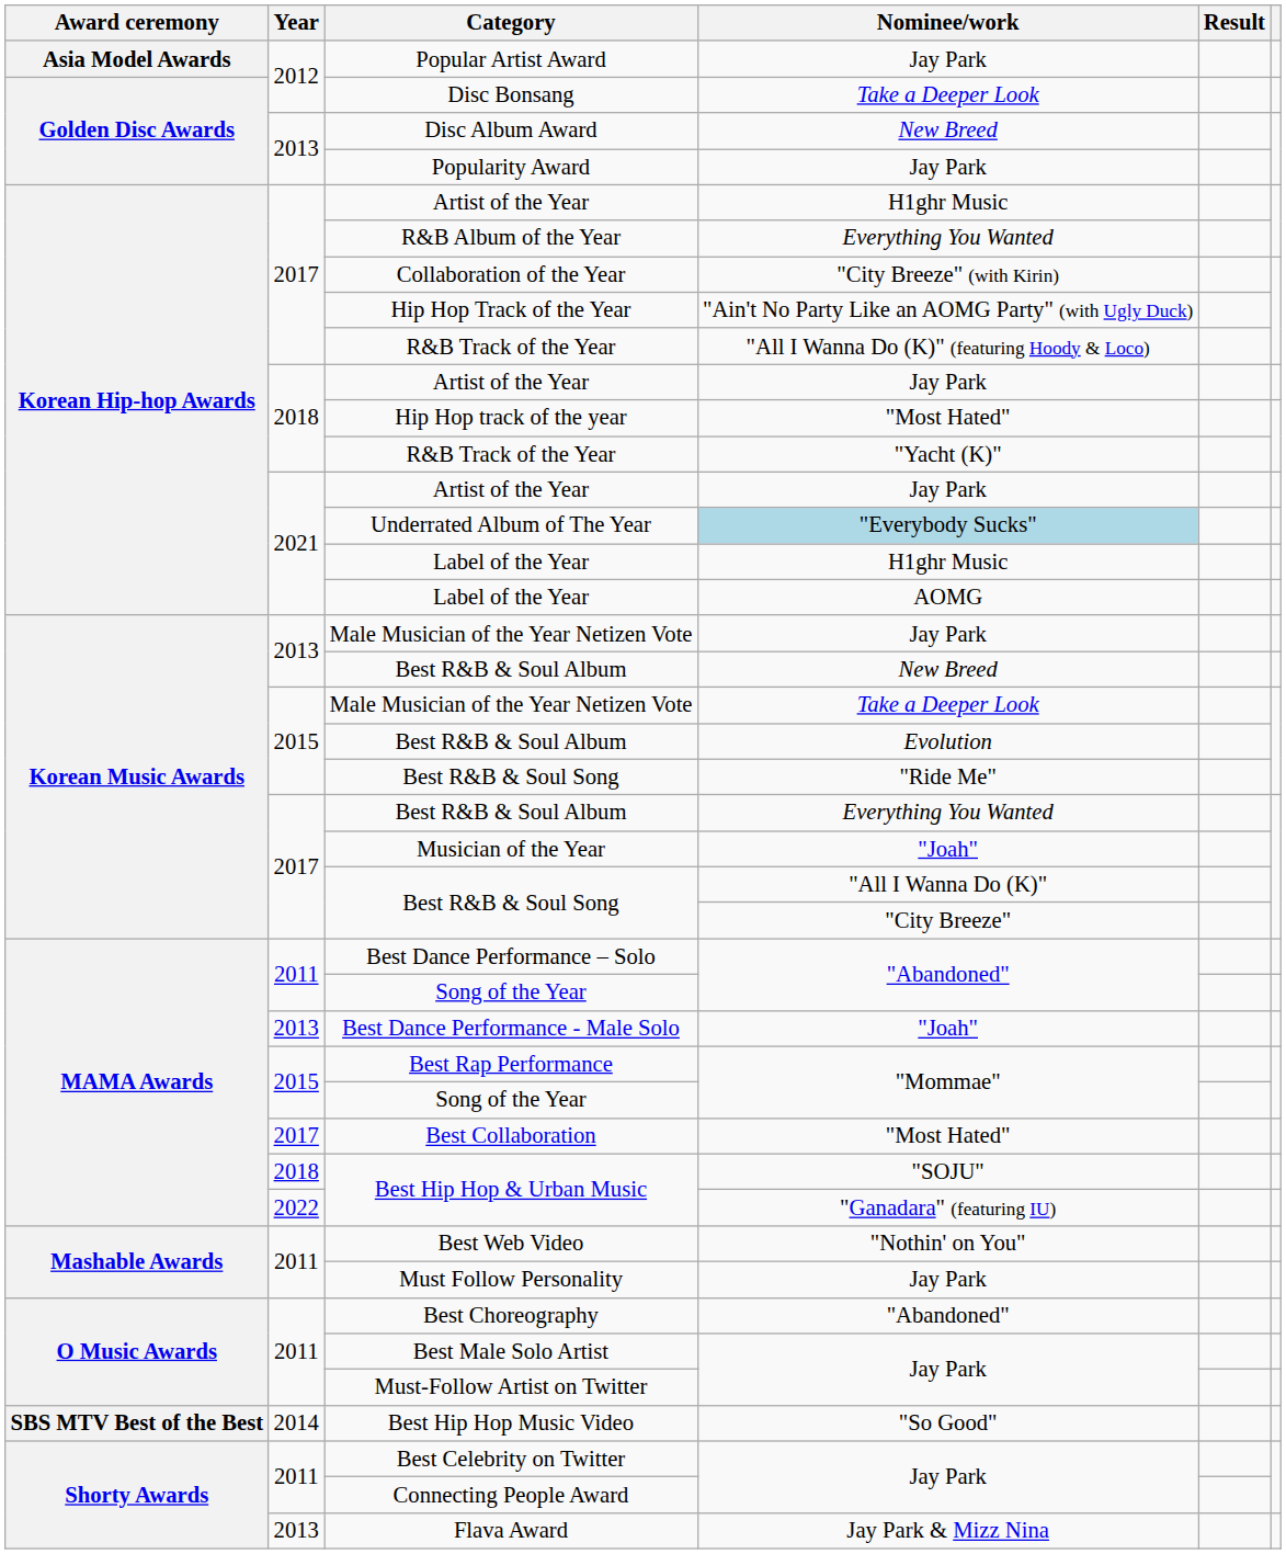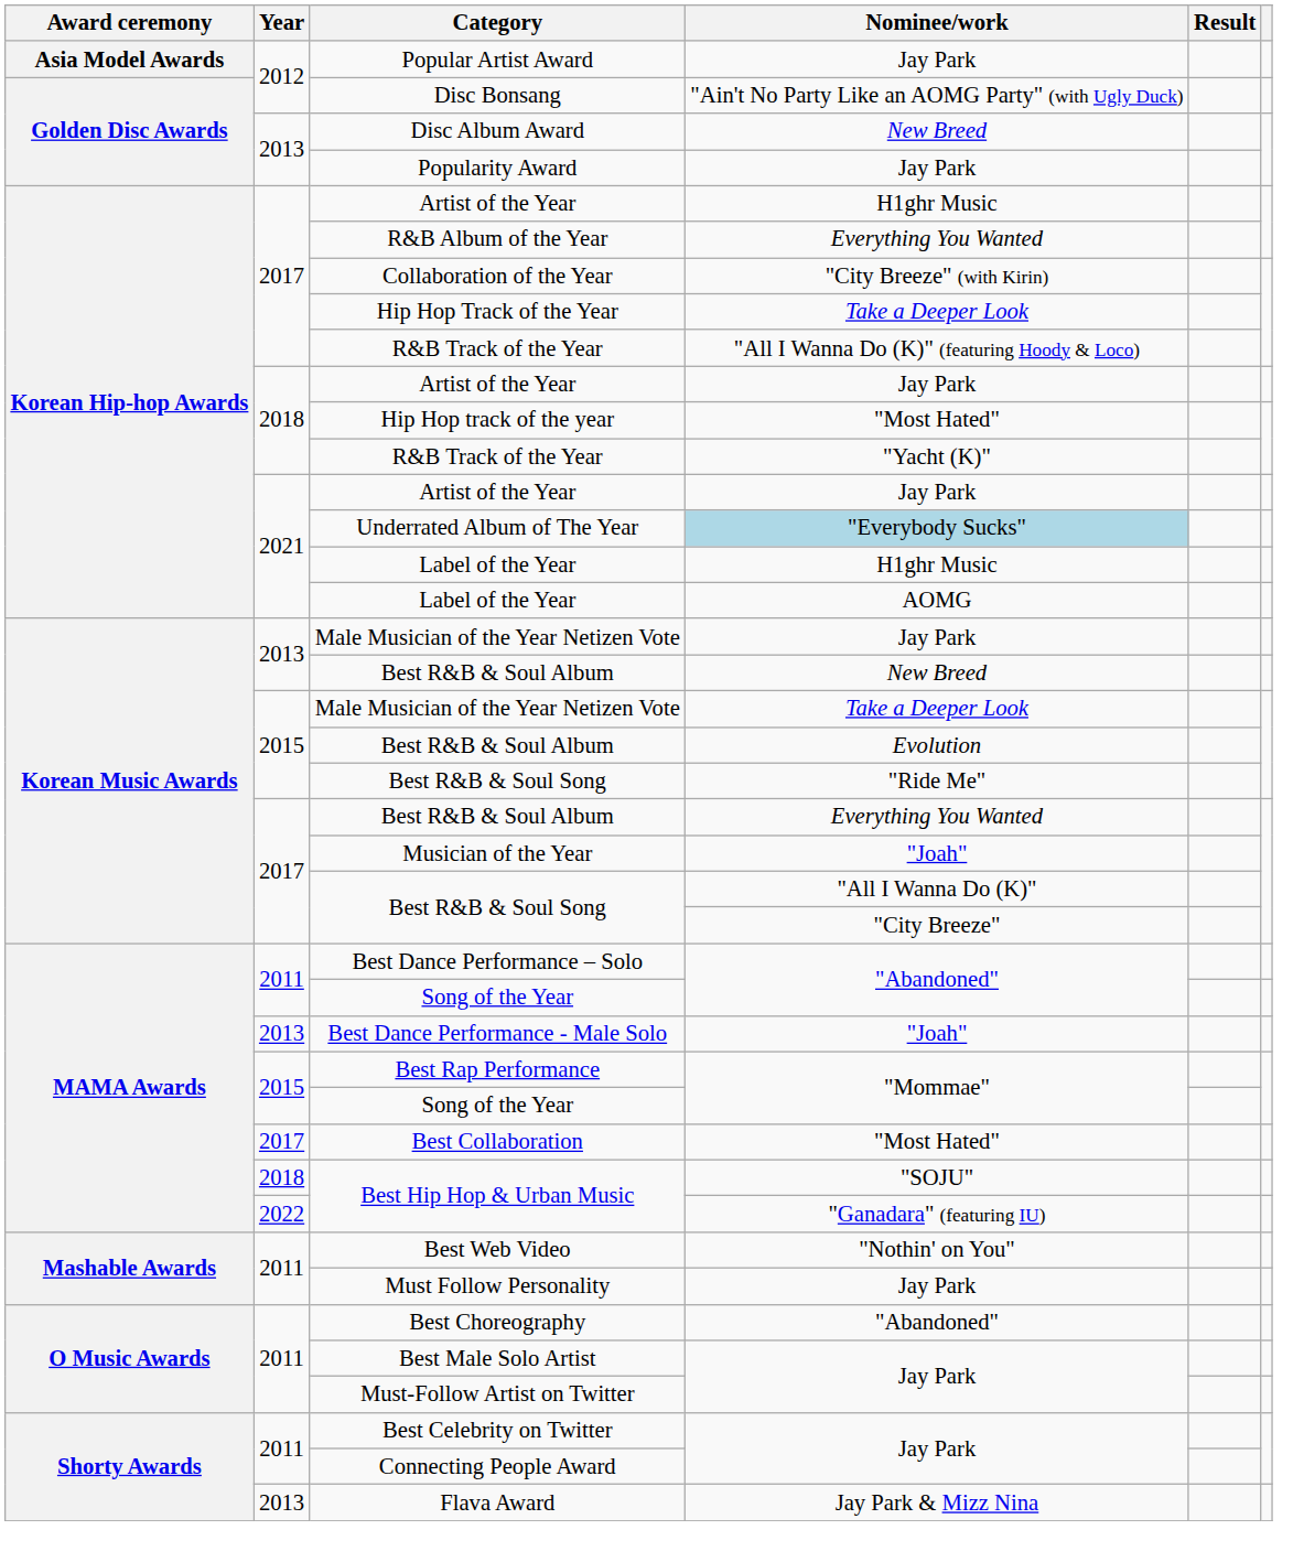 <table class="wikitable sortable plainrowheaders" style="text-align:center;">
 <tr>
 <th scope="col">Award ceremony</th>
 <th scope="col">Year</th>
 <th scope="col">Category</th>
 <th scope="col">Nominee/work</th>
 <th scope="col">Result</th>
 <th scope="col" class="unsortable"></th>
 </tr>
 <tr>
 <th scope="row">Asia Model Awards</th>
 <td rowspan="2">2012</td>
 <td>Popular Artist Award</td>
 <td>Jay Park</td>
 <td></td>
 <td style="text-align:center;"></td>
 </tr>
 <tr>
 <th scope="row" rowspan="3"><a href='#'>Golden Disc Awards</a></th>
 <td>Disc Bonsang</td>
-<td><em><a href='#'>Take a Deeper Look</a></em></td>
+<td>"Ain't No Party Like an AOMG Party" <small>(with <a href='#'>Ugly Duck</a>)</small></td>
 <td></td>
 <td style="text-align:center;"></td>
 </tr>
 <tr>
 <td rowspan="2">2013</td>
 <td>Disc Album Award</td>
 <td><em><a href='#'>New Breed</a></em></td>
 <td></td>
 <td style="text-align:center;" rowspan="2"></td>
 </tr>
 <tr>
 <td>Popularity Award</td>
 <td>Jay Park</td>
 <td></td>
 </tr>
 <tr>
 <th rowspan="12"><a href='#'>Korean Hip-hop Awards</a></th>
 <td rowspan="5">2017</td>
 <td>Artist of the Year</td>
 <td>H1ghr Music</td>
 <td></td>
 <td rowspan="2" style="text-align:center;"></td>
 </tr>
 <tr>
 <td>R&B Album of the Year</td>
 <td><em>Everything You Wanted</em></td>
 <td></td>
 </tr>
 <tr>
 <td>Collaboration of the Year</td>
 <td>"City Breeze" <small>(with Kirin)</small></td>
 <td></td>
 <td style="text-align:center;" rowspan="3"></td>
 </tr>
 <tr>
 <td>Hip Hop Track of the Year</td>
-<td>"Ain't No Party Like an AOMG Party" <small>(with <a href='#'>Ugly Duck</a>)</small></td>
+<td><em><a href='#'>Take a Deeper Look</a></em></td>
 <td></td>
 </tr>
 <tr>
 <td>R&B Track of the Year</td>
 <td>"All I Wanna Do (K)" <small>(featuring <a href='#'>Hoody</a> & <a href='#'>Loco</a>)</small></td>
 <td></td>
 </tr>
 <tr>
 <td rowspan="3">2018</td>
 <td>Artist of the Year</td>
 <td>Jay Park</td>
 <td></td>
 <td style="text-align:center;"></td>
 </tr>
 <tr>
 <td>Hip Hop track of the year</td>
 <td>"Most Hated" </td>
 <td></td>
 <td style="text-align:center;" rowspan="2"></td>
 </tr>
 <tr>
 <td>R&B Track of the Year</td>
 <td>"Yacht (K)" </td>
 <td></td>
 </tr>
 <tr>
 <td rowspan="4">2021</td>
 <td>Artist of the Year</td>
 <td>Jay Park</td>
 <td></td>
 <td style="text-align:center;"></td>
 </tr>
 <tr>
 <td>Underrated Album of The Year</td>
 <td style="background: lightblue;">"Everybody Sucks" </td>
 <td></td>
 <td style="text-align:center;"></td>
 </tr>
 <tr>
 <td>Label of the Year</td>
 <td>H1ghr Music</td>
 <td></td>
 <td style="text-align:center;"></td>
 </tr>
 <tr>
 <td>Label of the Year</td>
 <td>AOMG</td>
 <td></td>
 <td style="text-align:center;"></td>
 </tr>
 <tr>
 <th scope="row" rowspan="9"><a href='#'>Korean Music Awards</a></th>
 <td rowspan="2">2013</td>
 <td>Male Musician of the Year Netizen Vote</td>
 <td>Jay Park</td>
 <td></td>
 <td style="text-align:center;"></td>
 </tr>
 <tr>
 <td>Best R&B & Soul Album</td>
 <td><em>New Breed</em></td>
 <td></td>
 <td style="text-align:center;"></td>
 </tr>
 <tr>
 <td rowspan="3">2015</td>
 <td>Male Musician of the Year Netizen Vote</td>
 <td><em><a href='#'>Take a Deeper Look</a></em></td>
 <td></td>
 <td style="text-align:center;" rowspan="3"></td>
 </tr>
 <tr>
 <td>Best R&B & Soul Album</td>
 <td><em>Evolution</em></td>
 <td></td>
 </tr>
 <tr>
 <td>Best R&B & Soul Song</td>
 <td>"Ride Me" </td>
 <td></td>
 </tr>
 <tr>
 <td rowspan="4">2017</td>
 <td>Best R&B & Soul Album</td>
 <td><em>Everything You Wanted</em></td>
 <td></td>
 <td style="text-align:center;" rowspan="4"></td>
 </tr>
 <tr>
 <td>Musician of the Year</td>
 <td><a href='#'>"Joah"</a></td>
 <td></td>
 </tr>
 <tr>
 <td rowspan="2">Best R&B & Soul Song</td>
 <td>"All I Wanna Do (K)" </td>
 <td></td>
 </tr>
 <tr>
 <td>"City Breeze" </td>
 <td></td>
 </tr>
 <tr>
 <th rowspan="8" scope="row"><a href='#'>MAMA Awards</a></th>
 <td rowspan="2"><a href='#'>2011</a></td>
 <td>Best Dance Performance – Solo</td>
 <td rowspan="2"><a href='#'>"Abandoned"</a></td>
 <td></td>
 <td style="text-align:center;"></td>
 </tr>
 <tr>
 <td><a href='#'>Song of the Year</a></td>
 <td></td>
 <td style="text-align:center;"></td>
 </tr>
 <tr>
 <td><a href='#'>2013</a></td>
 <td><a href='#'>Best Dance Performance - Male Solo</a></td>
 <td><a href='#'>"Joah"</a></td>
 <td></td>
 <td style="text-align:center;"></td>
 </tr>
 <tr>
 <td rowspan="2"><a href='#'>2015</a></td>
 <td><a href='#'>Best Rap Performance</a></td>
 <td rowspan="2">"Mommae"</td>
 <td></td>
 <td style="text-align:center;" rowspan="2"></td>
 </tr>
 <tr>
 <td>Song of the Year</td>
 <td></td>
 </tr>
 <tr>
 <td><a href='#'>2017</a></td>
 <td><a href='#'>Best Collaboration</a></td>
 <td>"Most Hated" </td>
 <td></td>
 <td style="text-align:center;"></td>
 </tr>
 <tr>
 <td><a href='#'>2018</a></td>
 <td rowspan="2"><a href='#'>Best Hip Hop & Urban Music</a></td>
 <td>"SOJU" </td>
 <td></td>
 <td style="text-align:center;"></td>
 </tr>
 <tr>
 <td><a href='#'>2022</a></td>
 <td>"<a href='#'>Ganadara</a>" <small>(featuring <a href='#'>IU</a>)</small></td>
 <td></td>
 <td></td>
 </tr>
 <tr>
 <th scope="row" rowspan="2"><a href='#'>Mashable Awards</a></th>
 <td rowspan="2">2011</td>
 <td>Best Web Video</td>
 <td>"Nothin' on You"</td>
 <td></td>
 <td></td>
 </tr>
 <tr>
 <td>Must Follow Personality</td>
 <td>Jay Park</td>
 <td></td>
 <td></td>
 </tr>
 <tr>
 <th scope="row" rowspan="3"><a href='#'>O Music Awards</a></th>
 <td rowspan="3">2011</td>
 <td>Best Choreography</td>
 <td>"Abandoned"</td>
 <td></td>
 <td style="text-align:center;"></td>
 </tr>
 <tr>
 <td>Best Male Solo Artist</td>
 <td rowspan="2">Jay Park</td>
 <td></td>
 <td style="text-align:center;"></td>
 </tr>
 <tr>
 <td>Must-Follow Artist on Twitter</td>
 <td></td>
 <td style="text-align:center;"></td>
 </tr>
 <tr>
-<th scope="row">SBS MTV Best of the Best</th>
-<td>2014</td>
-<td>Best Hip Hop Music Video</td>
-<td>"So Good"</td>
-<td></td>
-<td style="text-align:center;"></td>
-</tr>
-<tr>
 <th scope="row" rowspan="3"><a href='#'>Shorty Awards</a></th>
 <td rowspan="2">2011</td>
 <td>Best Celebrity on Twitter</td>
 <td rowspan="2">Jay Park</td>
 <td></td>
 <td style="text-align:center;" rowspan="2"></td>
 </tr>
 <tr>
 <td>Connecting People Award</td>
 <td></td>
 </tr>
 <tr>
 <td>2013</td>
 <td>Flava Award</td>
 <td>Jay Park & <a href='#'>Mizz Nina</a></td>
 <td></td>
 <td style="text-align:center;"></td>
 </tr>
 </table>
